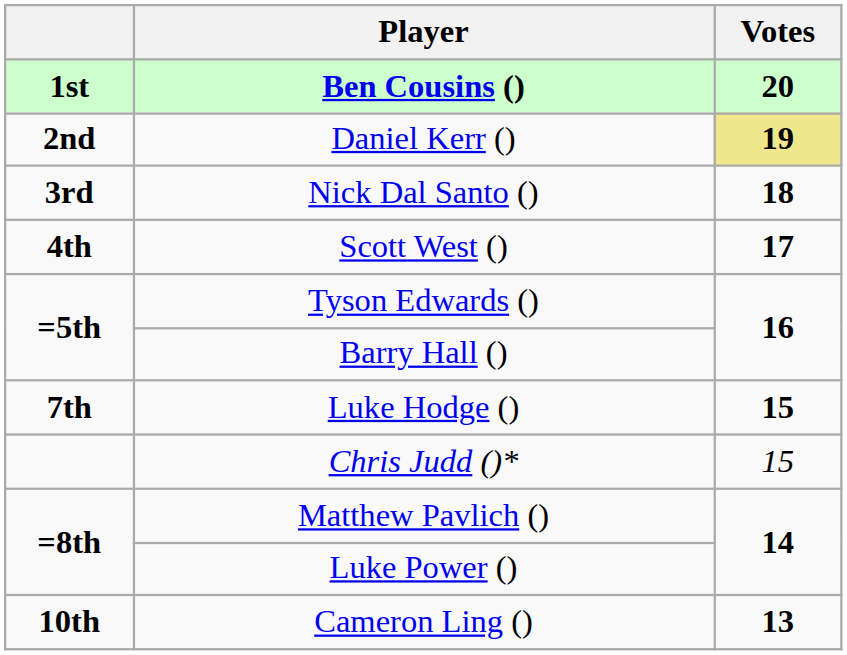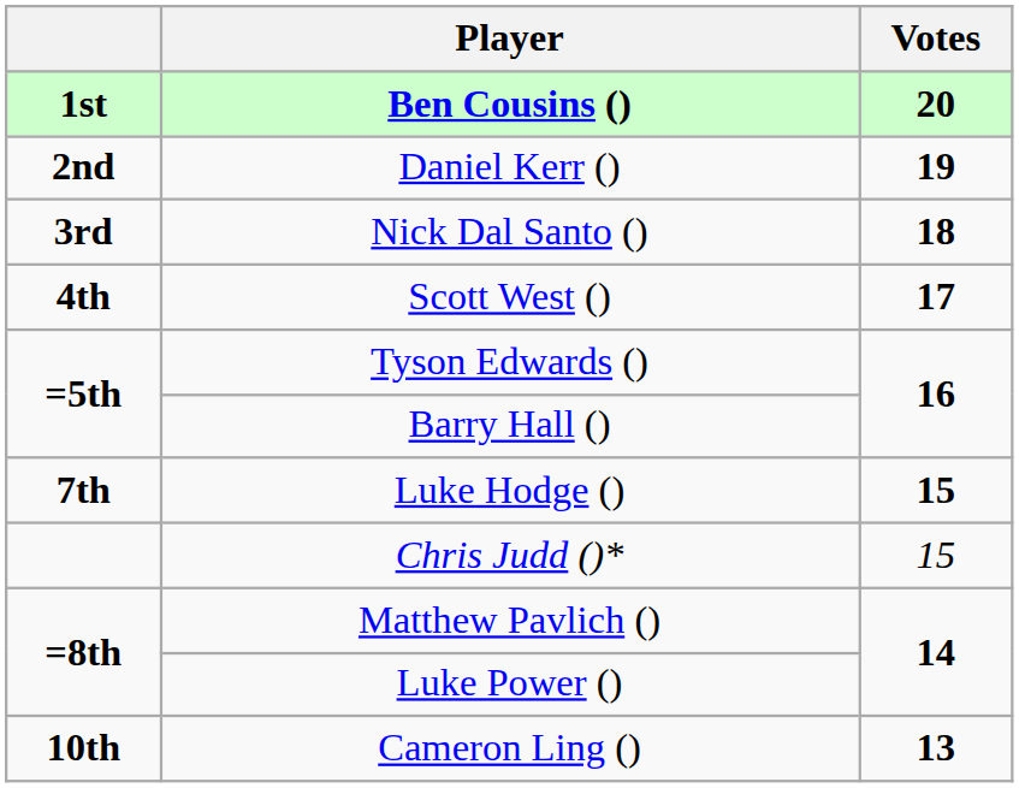 <table class="wikitable" style="text-align: center; font-size: 90%;">
 <tr>
 <th width="50"></th>
 <th width="250">Player</th>
 <th width="50">Votes</th>
 </tr>
 <tr style="background: #CCFFCC;">
 <td><strong>1st</strong></td>
 <td><strong><a href='#'>Ben Cousins</a> ()</strong></td>
 <td><strong>20</strong></td>
 </tr>
 <tr>
 <td><strong>2nd</strong></td>
 <td><a href='#'>Daniel Kerr</a> ()</td>
-<td style="background: khaki;"><strong>19</strong></td>
+<td><strong>19</strong></td>
 </tr>
 <tr>
 <td><strong>3rd</strong></td>
 <td><a href='#'>Nick Dal Santo</a> ()</td>
 <td><strong>18</strong></td>
 </tr>
 <tr>
 <td><strong>4th</strong></td>
 <td><a href='#'>Scott West</a> ()</td>
 <td><strong>17</strong></td>
 </tr>
 <tr>
 <td rowspan=2><strong>=5th</strong></td>
 <td><a href='#'>Tyson Edwards</a> ()</td>
 <td rowspan=2><strong>16</strong></td>
 </tr>
 <tr>
 <td><a href='#'>Barry Hall</a> ()</td>
 </tr>
 <tr>
 <td><strong>7th</strong></td>
 <td><a href='#'>Luke Hodge</a> ()</td>
 <td><strong>15</strong></td>
 </tr>
 <tr>
 <td></td>
 <td><em><a href='#'>Chris Judd</a> ()*</em></td>
 <td><em>15</em></td>
 </tr>
 <tr>
 <td rowspan=2><strong>=8th</strong></td>
 <td><a href='#'>Matthew Pavlich</a> ()</td>
 <td rowspan=2><strong>14</strong></td>
 </tr>
 <tr>
 <td><a href='#'>Luke Power</a> ()</td>
 </tr>
 <tr>
 <td><strong>10th</strong></td>
 <td><a href='#'>Cameron Ling</a> ()</td>
 <td><strong>13</strong></td>
 </tr>
 </table>
